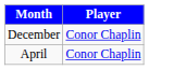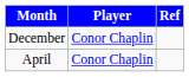 <table class="wikitable" style="text-align:center">
 <tr>
 <th style="background:blue; color:white; width=0%">Month</th>
 <th style="background:blue; color:white; width=0%">Player</th>
+<th style="background:blue; color:white; width=0%">Ref</th>
 </tr>
 <tr>
 <td>December</td>
 <td> <a href='#'>Conor Chaplin</a></td>
+<td></td>
 </tr>
 <tr>
 <td>April</td>
 <td> <a href='#'>Conor Chaplin</a></td>
+<td></td>
 </tr>
 </table>
